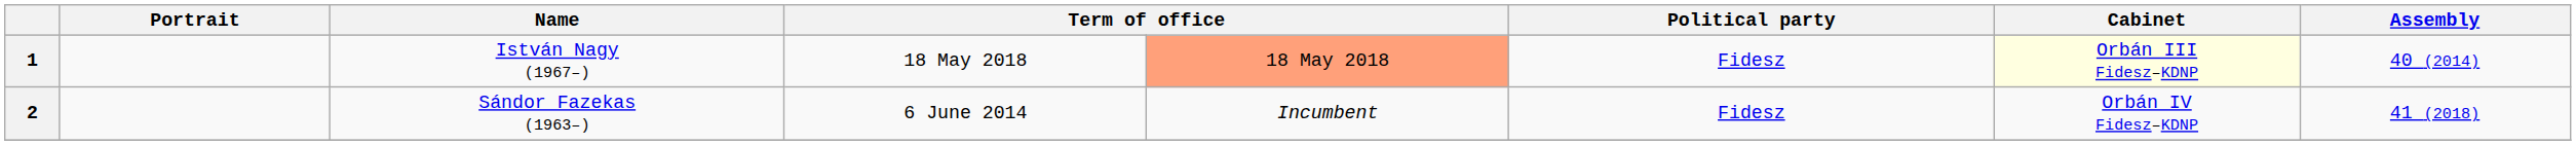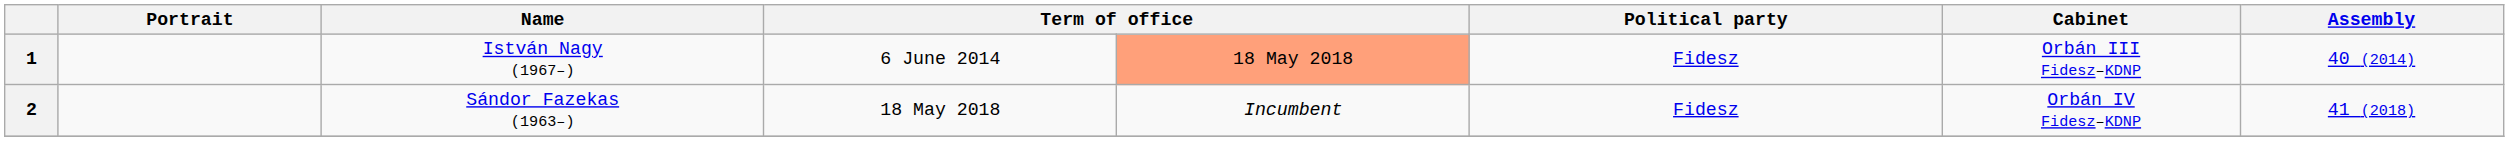 <table class="wikitable" style="width:90%; text-align:center;">
 <tr>
 <th></th>
 <th>Portrait</th>
 <th>Name<br></th>
 <th colspan=2>Term of office</th>
 <th>Political party</th>
 <th>Cabinet</th>
 <th><a href='#'>Assembly</a><br></th>
 </tr>
 <tr>
 <th style="background:">1</th>
 <td></td>
 <td><a href='#'>István Nagy</a><br><small>(1967–)</small></td>
-<td>18 May 2018</td>
+<td>6 June 2014</td>
 <td style="background: lightsalmon;">18 May 2018</td>
 <td><a href='#'>Fidesz</a></td>
-<td style="background: lightyellow;"><a href='#'>Orbán III</a><br><small><a href='#'>Fidesz</a>–<a href='#'>KDNP</a></small></td>
+<td><a href='#'>Orbán III</a><br><small><a href='#'>Fidesz</a>–<a href='#'>KDNP</a></small></td>
 <td><a href='#'>40 <small>(2014)</small></a></td>
 </tr>
 <tr>
 <th style="background:">2</th>
 <td></td>
 <td><a href='#'>Sándor Fazekas</a><br><small>(1963–)</small></td>
-<td>6 June 2014</td>
+<td>18 May 2018</td>
 <td><em>Incumbent</em></td>
 <td><a href='#'>Fidesz</a></td>
 <td><a href='#'>Orbán IV</a><br><small><a href='#'>Fidesz</a>–<a href='#'>KDNP</a></small></td>
 <td><a href='#'>41 <small>(2018)</small></a></td>
 </tr>
 <tr>
 </tr>
 </table>
